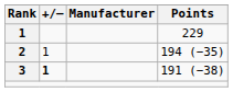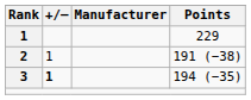 <table class="wikitable sortable" style="font-size: 95%;">
 <tr>
 </tr>
 <tr>
 <th scope="col">Rank</th>
 <th scope="col">+/–</th>
 <th scope="col">Manufacturer</th>
 <th scope="col">Points</th>
 </tr>
 <tr>
 <th scope="row">1</th>
 <td align="left"></td>
 <td></td>
 <td align="center">229</td>
 </tr>
 <tr>
 <th scope="row">2</th>
 <td align="left"> 1</td>
 <td></td>
-<td align="center">194 (−35)</td>
+<td align="center">191 (−38)</td>
 </tr>
 <tr>
 <th scope="row">3</th>
 <td align="left"><strong> 1</strong></td>
 <td></td>
-<td align="center">191 (−38)</td>
+<td align="center">194 (−35)</td>
 </tr>
 <tr class="sortbottom">
 <td colspan="9"></td>
 </tr>
 </table>
